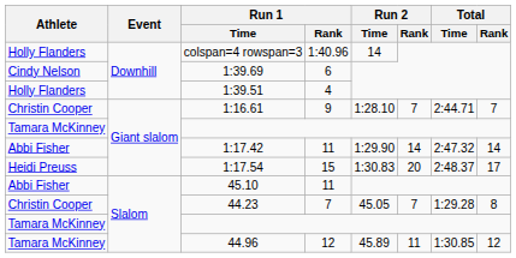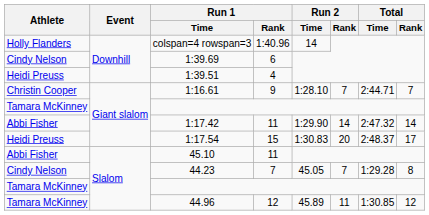 <table class=wikitable style=font-size:90%;text-align:center>
 <tr>
 <th rowspan=2>Athlete</th>
 <th rowspan=2>Event</th>
 <th colspan=2>Run 1</th>
 <th colspan=2>Run 2</th>
 <th colspan=2>Total</th>
 </tr>
 <tr style=font-size:95%>
 <th>Time</th>
 <th>Rank</th>
 <th>Time</th>
 <th>Rank</th>
 <th>Time</th>
 <th>Rank</th>
 </tr>
 <tr>
 <td align=left><a href='#'>Holly Flanders</a></td>
 <td align=left rowspan=3><a href='#'>Downhill</a></td>
 <td>colspan=4 rowspan=3 </td>
 <td>1:40.96</td>
 <td>14</td>
 </tr>
 <tr>
 <td align=left><a href='#'>Cindy Nelson</a></td>
 <td>1:39.69</td>
 <td>6</td>
 </tr>
 <tr>
-<td align=left><a href='#'>Holly Flanders</a></td>
+<td align=left><a href='#'>Heidi Preuss</a></td>
 <td>1:39.51</td>
 <td>4</td>
 </tr>
 <tr>
 <td align=left><a href='#'>Christin Cooper</a></td>
 <td align=left rowspan=4><a href='#'>Giant slalom</a></td>
 <td>1:16.61</td>
 <td>9</td>
 <td>1:28.10</td>
 <td>7</td>
 <td>2:44.71</td>
 <td>7</td>
 </tr>
 <tr>
 <td align=left><a href='#'>Tamara McKinney</a></td>
 <td colspan=6></td>
 </tr>
 <tr>
 <td align=left><a href='#'>Abbi Fisher</a></td>
 <td>1:17.42</td>
 <td>11</td>
 <td>1:29.90</td>
 <td>14</td>
 <td>2:47.32</td>
 <td>14</td>
 </tr>
 <tr>
 <td align=left><a href='#'>Heidi Preuss</a></td>
 <td>1:17.54</td>
 <td>15</td>
 <td>1:30.83</td>
 <td>20</td>
 <td>2:48.37</td>
 <td>17</td>
 </tr>
 <tr>
 <td align=left><a href='#'>Abbi Fisher</a></td>
 <td align=left rowspan=4><a href='#'>Slalom</a></td>
 <td>45.10</td>
 <td>11</td>
 <td colspan=4></td>
 </tr>
 <tr>
-<td align=left><a href='#'>Christin Cooper</a></td>
+<td align=left><a href='#'>Cindy Nelson</a></td>
 <td>44.23</td>
 <td>7</td>
 <td>45.05</td>
 <td>7</td>
 <td>1:29.28</td>
 <td>8</td>
 </tr>
 <tr>
 <td align=left><a href='#'>Tamara McKinney</a></td>
 <td colspan=6></td>
 </tr>
 <tr>
 <td align=left><a href='#'>Tamara McKinney</a></td>
 <td>44.96</td>
 <td>12</td>
 <td>45.89</td>
 <td>11</td>
 <td>1:30.85</td>
 <td>12</td>
 </tr>
 </table>
